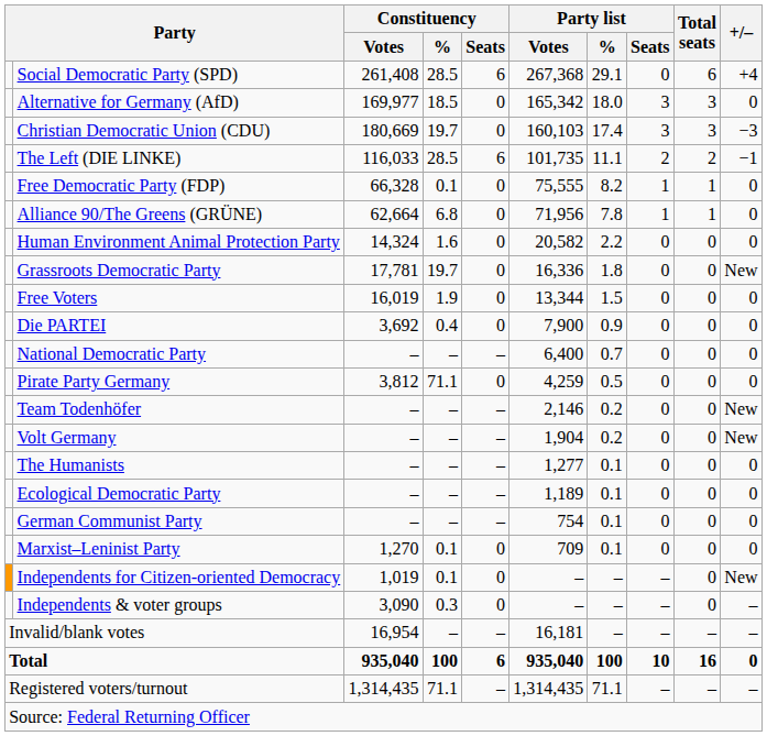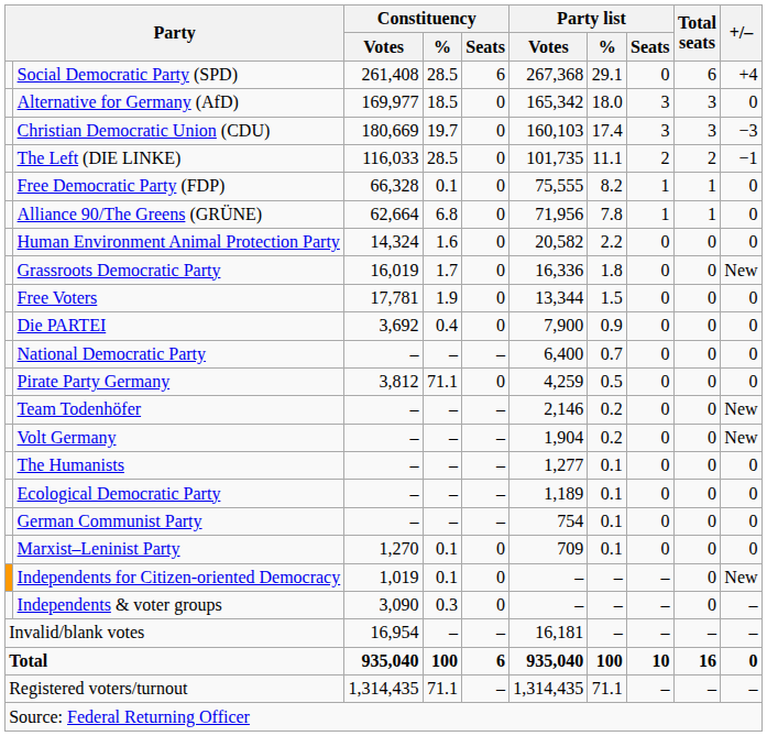 <table class="wikitable" style="text-align:right">
 <tr>
 <th colspan="2" rowspan="2">Party</th>
 <th colspan="3">Constituency</th>
 <th colspan="3">Party list</th>
 <th rowspan="2">Total<br>seats</th>
 <th rowspan="2">+/–</th>
 </tr>
 <tr>
 <th>Votes</th>
 <th>%</th>
 <th>Seats</th>
 <th>Votes</th>
 <th>%</th>
 <th>Seats</th>
 </tr>
 <tr>
 <td></td>
 <td align="left"><a href='#'>Social Democratic Party</a> (SPD)</td>
 <td>261,408</td>
 <td>28.5</td>
 <td>6</td>
 <td>267,368</td>
 <td>29.1</td>
 <td>0</td>
 <td>6</td>
 <td>+4</td>
 </tr>
 <tr>
 <td></td>
 <td align="left"><a href='#'>Alternative for Germany</a> (AfD)</td>
 <td>169,977</td>
 <td>18.5</td>
 <td>0</td>
 <td>165,342</td>
 <td>18.0</td>
 <td>3</td>
 <td>3</td>
 <td>0</td>
 </tr>
 <tr>
 <td></td>
 <td align="left"><a href='#'>Christian Democratic Union</a> (CDU)</td>
 <td>180,669</td>
 <td>19.7</td>
 <td>0</td>
 <td>160,103</td>
 <td>17.4</td>
 <td>3</td>
 <td>3</td>
 <td>−3</td>
 </tr>
 <tr>
 <td></td>
 <td align="left"><a href='#'>The Left</a> (DIE LINKE)</td>
 <td>116,033</td>
 <td>28.5</td>
-<td>6</td>
+<td>0</td>
 <td>101,735</td>
 <td>11.1</td>
 <td>2</td>
 <td>2</td>
 <td>−1</td>
 </tr>
 <tr>
 <td></td>
 <td align="left"><a href='#'>Free Democratic Party</a> (FDP)</td>
 <td>66,328</td>
 <td>0.1</td>
 <td>0</td>
 <td>75,555</td>
 <td>8.2</td>
 <td>1</td>
 <td>1</td>
 <td>0</td>
 </tr>
 <tr>
 <td></td>
 <td align="left"><a href='#'>Alliance 90/The Greens</a> (GRÜNE)</td>
 <td>62,664</td>
 <td>6.8</td>
 <td>0</td>
 <td>71,956</td>
 <td>7.8</td>
 <td>1</td>
 <td>1</td>
 <td>0</td>
 </tr>
 <tr>
 <td style="background-color:"></td>
 <td align="left"><a href='#'>Human Environment Animal Protection Party</a></td>
 <td>14,324</td>
 <td>1.6</td>
 <td>0</td>
 <td>20,582</td>
 <td>2.2</td>
 <td>0</td>
 <td>0</td>
 <td>0</td>
 </tr>
 <tr>
 <td style="background-color:"></td>
 <td align="left"><a href='#'>Grassroots Democratic Party</a></td>
-<td>17,781</td>
-<td>19.7</td>
+<td>16,019</td>
+<td>1.7</td>
 <td>0</td>
 <td>16,336</td>
 <td>1.8</td>
 <td>0</td>
 <td>0</td>
 <td>New</td>
 </tr>
 <tr>
 <td style="background-color:"></td>
 <td align="left"><a href='#'>Free Voters</a></td>
-<td>16,019</td>
+<td>17,781</td>
 <td>1.9</td>
 <td>0</td>
 <td>13,344</td>
 <td>1.5</td>
 <td>0</td>
 <td>0</td>
 <td>0</td>
 </tr>
 <tr>
 <td style="background-color:"></td>
 <td align="left"><a href='#'>Die PARTEI</a></td>
 <td>3,692</td>
 <td>0.4</td>
 <td>0</td>
 <td>7,900</td>
 <td>0.9</td>
 <td>0</td>
 <td>0</td>
 <td>0</td>
 </tr>
 <tr>
 <td style="background-color:"></td>
 <td align="left"><a href='#'>National Democratic Party</a></td>
 <td>–</td>
 <td>–</td>
 <td>–</td>
 <td>6,400</td>
 <td>0.7</td>
 <td>0</td>
 <td>0</td>
 <td>0</td>
 </tr>
 <tr>
 <td style="background-color:"></td>
 <td align="left"><a href='#'>Pirate Party Germany</a></td>
 <td>3,812</td>
 <td>71.1</td>
 <td>0</td>
 <td>4,259</td>
 <td>0.5</td>
 <td>0</td>
 <td>0</td>
 <td>0</td>
 </tr>
 <tr>
 <td style="background-color:"></td>
 <td align="left"><a href='#'>Team Todenhöfer</a></td>
 <td>–</td>
 <td>–</td>
 <td>–</td>
 <td>2,146</td>
 <td>0.2</td>
 <td>0</td>
 <td>0</td>
 <td>New</td>
 </tr>
 <tr>
 <td style="background-color:"></td>
 <td align="left"><a href='#'>Volt Germany</a></td>
 <td>–</td>
 <td>–</td>
 <td>–</td>
 <td>1,904</td>
 <td>0.2</td>
 <td>0</td>
 <td>0</td>
 <td>New</td>
 </tr>
 <tr>
 <td style="background-color:"></td>
 <td align="left"><a href='#'>The Humanists</a></td>
 <td>–</td>
 <td>–</td>
 <td>–</td>
 <td>1,277</td>
 <td>0.1</td>
 <td>0</td>
 <td>0</td>
 <td>0</td>
 </tr>
 <tr>
 <td style="background-color:"></td>
 <td align="left"><a href='#'>Ecological Democratic Party</a></td>
 <td>–</td>
 <td>–</td>
 <td>–</td>
 <td>1,189</td>
 <td>0.1</td>
 <td>0</td>
 <td>0</td>
 <td>0</td>
 </tr>
 <tr>
 <td style="background-color:"></td>
 <td align="left"><a href='#'>German Communist Party</a></td>
 <td>–</td>
 <td>–</td>
 <td>–</td>
 <td>754</td>
 <td>0.1</td>
 <td>0</td>
 <td>0</td>
 <td>0</td>
 </tr>
 <tr>
 <td style="background-color:"></td>
 <td align="left"><a href='#'>Marxist–Leninist Party</a></td>
 <td>1,270</td>
 <td>0.1</td>
 <td>0</td>
 <td>709</td>
 <td>0.1</td>
 <td>0</td>
 <td>0</td>
 <td>0</td>
 </tr>
 <tr>
 <td style="background-color:#FF9900"></td>
 <td align="left"><a href='#'>Independents for Citizen-oriented Democracy</a></td>
 <td>1,019</td>
 <td>0.1</td>
 <td>0</td>
 <td>–</td>
 <td>–</td>
 <td>–</td>
 <td>0</td>
 <td>New</td>
 </tr>
 <tr>
 <td style="background-color:"></td>
 <td align="left"><a href='#'>Independents</a> & voter groups</td>
 <td>3,090</td>
 <td>0.3</td>
 <td>0</td>
 <td>–</td>
 <td>–</td>
 <td>–</td>
 <td>0</td>
 <td>–</td>
 </tr>
 <tr>
 <td colspan="2" align="left">Invalid/blank votes</td>
 <td>16,954</td>
 <td>–</td>
 <td>–</td>
 <td>16,181</td>
 <td>–</td>
 <td>–</td>
 <td>–</td>
 <td>–</td>
 </tr>
 <tr>
 <td colspan="2" align="left"><strong>Total</strong></td>
 <td><strong>935,040</strong></td>
 <td><strong>100</strong></td>
 <td><strong>6</strong></td>
 <td><strong>935,040</strong></td>
 <td><strong>100</strong></td>
 <td><strong>10</strong></td>
 <td><strong>16</strong></td>
 <td><strong>0</strong></td>
 </tr>
 <tr>
 <td colspan="2" align="left">Registered voters/turnout</td>
 <td>1,314,435</td>
 <td>71.1</td>
 <td>–</td>
 <td>1,314,435</td>
 <td>71.1</td>
 <td>–</td>
 <td>–</td>
 <td>–</td>
 </tr>
 <tr>
 <td colspan="10" align="left">Source: <a href='#'>Federal Returning Officer</a></td>
 </tr>
 </table>
